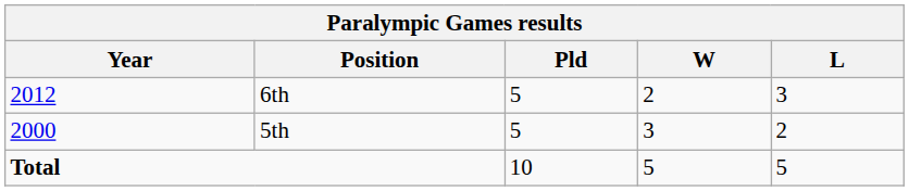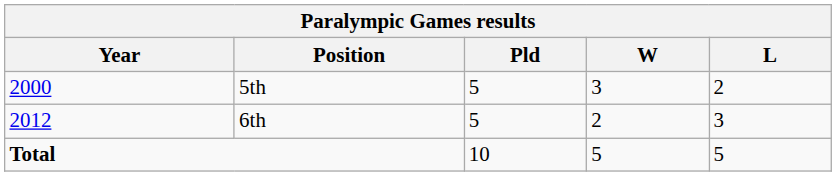 <table class="wikitable" style="width: 50%">
 <tr>
 <th colspan=5>Paralympic Games results</th>
 </tr>
 <tr>
 <th width=15%>Year</th>
 <th width=15%>Position</th>
 <th width=8%>Pld</th>
 <th width=8%>W</th>
 <th width=8%>L</th>
 </tr>
 <tr>
+<td> <a href='#'>2000</a></td>
+<td>5th</td>
+<td>5</td>
+<td>3</td>
+<td>2</td>
+</tr>
+<tr>
 <td> <a href='#'>2012</a></td>
 <td>6th</td>
 <td>5</td>
 <td>2</td>
 <td>3</td>
-</tr>
-<tr>
-<td> <a href='#'>2000</a></td>
-<td>5th</td>
-<td>5</td>
-<td>3</td>
-<td>2</td>
 </tr>
 <tr>
 <td colspan=2><strong>Total</strong></td>
 <td>10</td>
 <td>5</td>
 <td>5</td>
 </tr>
 </table>
